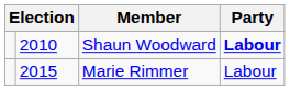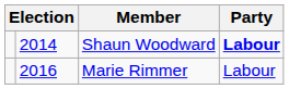 <table class="wikitable">
 <tr>
 <th colspan="2">Election</th>
 <th>Member</th>
 <th>Party</th>
 </tr>
 <tr>
 <td style="color:inherit;background-color: "></td>
-<td><a href='#'>2010</a></td>
+<td><a href='#'>2014</a></td>
 <td><a href='#'>Shaun Woodward</a></td>
 <td><strong><a href='#'>Labour</a></strong></td>
 </tr>
 <tr>
 <td style="color:inherit;background-color: "></td>
-<td><a href='#'>2015</a></td>
+<td><a href='#'>2016</a></td>
 <td><a href='#'>Marie Rimmer</a></td>
 <td><a href='#'>Labour</a></td>
 </tr>
 </table>
